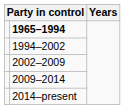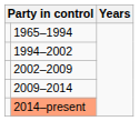 <table class="wikitable">
 <tr>
 <th colspan=2>Party in control</th>
 <th>Years</th>
 </tr>
 <tr>
 <td></td>
-<td><strong>1965–1994</strong></td>
+<td>1965–1994</td>
 </tr>
 <tr>
 <td></td>
 <td>1994–2002</td>
 </tr>
 <tr>
 <td></td>
 <td>2002–2009</td>
 </tr>
 <tr>
 <td></td>
 <td>2009–2014</td>
 </tr>
 <tr>
 <td></td>
-<td>2014–present</td>
+<td style="background: lightsalmon;">2014–present</td>
 </tr>
 </table>
